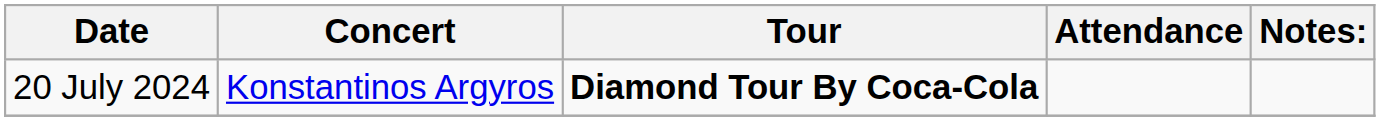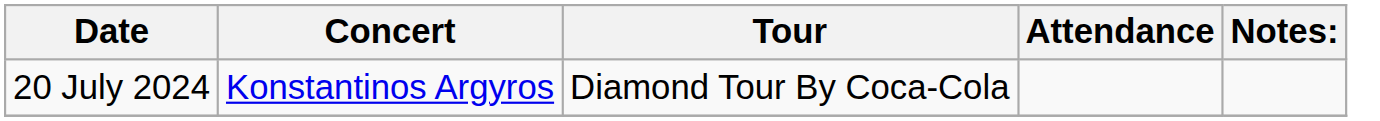 <table class="wikitable">
 <tr>
 <th>Date</th>
 <th>Concert</th>
 <th>Tour</th>
 <th>Attendance</th>
 <th>Notes:</th>
 </tr>
 <tr>
 <td align="left">20 July 2024</td>
 <td><a href='#'>Konstantinos Argyros</a></td>
-<td><strong>Diamond Tour By Coca-Cola</strong></td>
+<td>Diamond Tour By Coca-Cola</td>
 <td></td>
 <td></td>
 </tr>
 <tr>
 </tr>
 </table>
